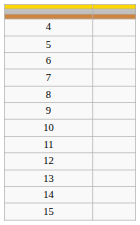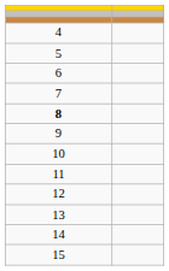 <table class="wikitable" style="width:200px;">
 <tr style="background:gold;">
 <td align=center></td>
 <td></td>
 </tr>
 <tr style="background:silver;">
 <td align=center></td>
 <td></td>
 </tr>
 <tr style="background:peru;">
 <td align=center></td>
 <td></td>
 </tr>
 <tr>
 <td align=center>4</td>
 <td></td>
 </tr>
 <tr>
 <td align=center>5</td>
 <td></td>
 </tr>
 <tr>
 <td align=center>6</td>
 <td></td>
 </tr>
 <tr>
 <td align=center>7</td>
 <td></td>
 </tr>
 <tr>
-<td align=center>8</td>
+<td align=center><strong>8</strong></td>
 <td></td>
 </tr>
 <tr>
 <td align=center>9</td>
 <td> </td>
 </tr>
 <tr>
 <td align=center>10</td>
 <td></td>
 </tr>
 <tr>
 <td align=center>11</td>
 <td></td>
 </tr>
 <tr>
 <td align=center>12</td>
 <td></td>
 </tr>
 <tr>
 <td align=center>13</td>
 <td></td>
 </tr>
 <tr>
 <td align=center>14</td>
 <td></td>
 </tr>
 <tr>
 <td align=center>15</td>
 <td></td>
 </tr>
 </table>
